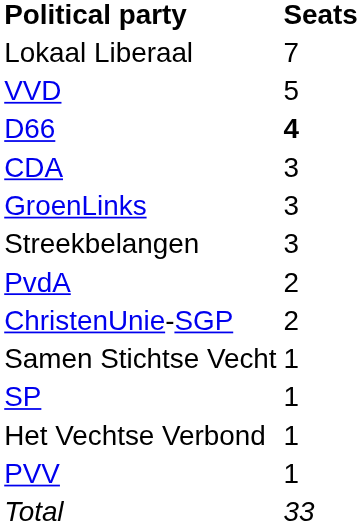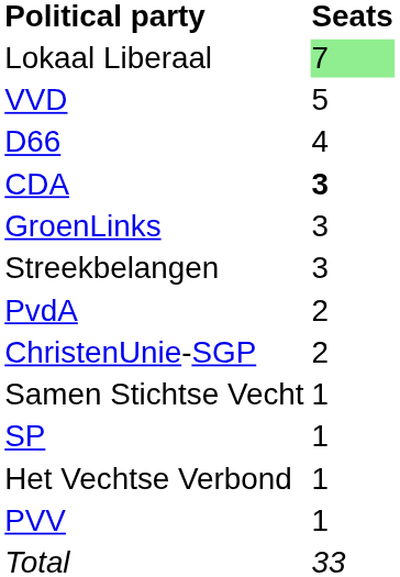 <table>
 <tr>
 <td><strong>Political party</strong></td>
 <td><strong>Seats</strong></td>
 </tr>
 <tr>
 <td>Lokaal Liberaal</td>
-<td>7</td>
+<td style="background: lightgreen;">7</td>
 </tr>
 <tr>
 <td><a href='#'>VVD</a></td>
 <td>5</td>
 </tr>
 <tr>
 <td><a href='#'>D66</a></td>
-<td><strong>4</strong></td>
+<td>4</td>
 </tr>
 <tr>
 <td><a href='#'>CDA</a></td>
-<td>3</td>
+<td><strong>3</strong></td>
 </tr>
 <tr>
 <td><a href='#'>GroenLinks</a></td>
 <td>3</td>
 </tr>
 <tr>
 <td>Streekbelangen</td>
 <td>3</td>
 </tr>
 <tr>
 <td><a href='#'>PvdA</a></td>
 <td>2</td>
 </tr>
 <tr>
 <td><a href='#'>ChristenUnie</a>-<a href='#'>SGP</a></td>
 <td>2</td>
 </tr>
 <tr>
 <td>Samen Stichtse Vecht</td>
 <td>1</td>
 </tr>
 <tr>
 <td><a href='#'>SP</a></td>
 <td>1</td>
 </tr>
 <tr>
 <td>Het Vechtse Verbond</td>
 <td>1</td>
 </tr>
 <tr>
 <td><a href='#'>PVV</a></td>
 <td>1</td>
 </tr>
 <tr>
 <td><em>Total</em></td>
 <td><em>33</em></td>
 </tr>
 <tr>
 </tr>
 </table>
